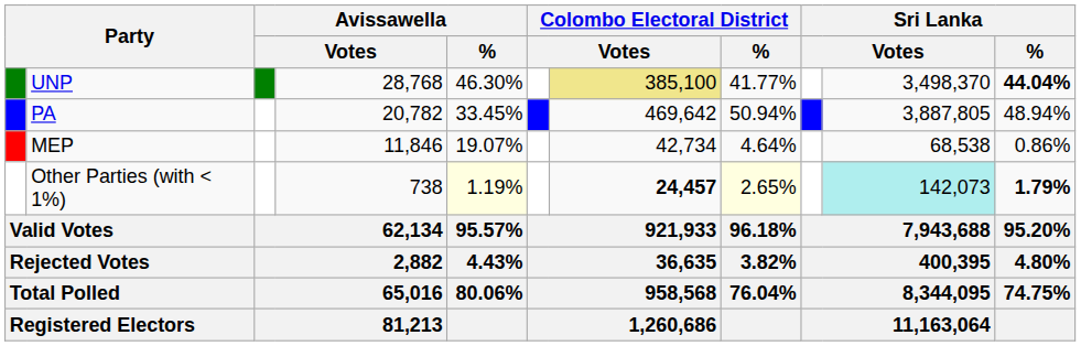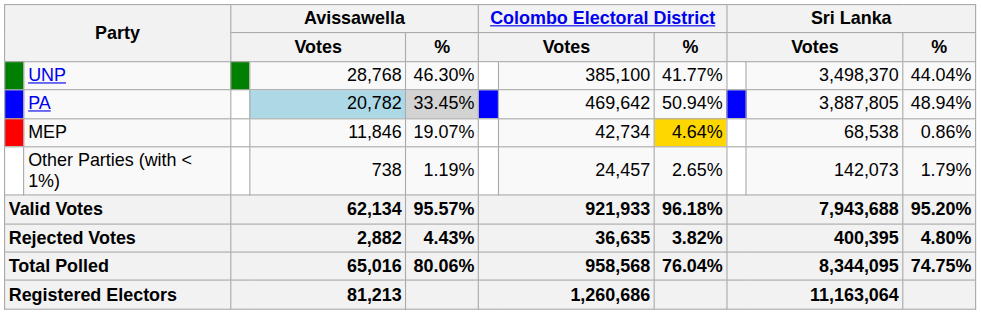 <table class="wikitable">
 <tr>
 <th colspan="2" width="144px"rowspan="2">Party</th>
 <th colspan="3" width="216px">Avissawella</th>
 <th colspan="3" width="216px"><a href='#'>Colombo Electoral District</a></th>
 <th colspan="3" width="216px">Sri Lanka</th>
 </tr>
 <tr>
 <th colspan="2" width="144px">Votes</th>
 <th>%</th>
 <th colspan="2" width="144px">Votes</th>
 <th>%</th>
 <th colspan="2" width="144px">Votes</th>
 <th>%</th>
 </tr>
 <tr>
 <td style="background-color:green;" width="10px"></td>
 <td style="text-align:left;"><a href='#'>UNP</a></td>
 <td style="background-color:green;" width="10px"></td>
 <td style="text-align:right;">28,768</td>
 <td style="text-align:right;">46.30%</td>
 <td style="background-color:white;" width="10px"></td>
-<td style="background: khaki; text-align:right;">385,100</td>
+<td style="text-align:right;">385,100</td>
 <td style="text-align:right;">41.77%</td>
 <td style="background-color:white;" width="10px"></td>
 <td style="text-align:right;">3,498,370</td>
-<td style="text-align:right;"><strong>44.04%</strong></td>
+<td style="text-align:right;">44.04%</td>
 </tr>
 <tr>
 <td style="background-color:blue;" width="10px"></td>
 <td style="text-align:left;"><a href='#'>PA</a></td>
 <td style="background-color:white;" width="10px"></td>
-<td style="text-align:right;">20,782</td>
-<td style="text-align:right;">33.45%</td>
+<td style="background: lightblue; text-align:right;">20,782</td>
+<td style="background: lightgrey; text-align:right;">33.45%</td>
 <td style="background-color:blue;" width="10px"></td>
 <td style="text-align:right;">469,642</td>
 <td style="text-align:right;">50.94%</td>
 <td style="background-color:blue;" width="10px"></td>
 <td style="text-align:right;">3,887,805</td>
 <td style="text-align:right;">48.94%</td>
 </tr>
 <tr>
 <td style="background-color:red;" width="10px"></td>
 <td style="text-align:left;">MEP</td>
 <td style="background-color:white;" width="10px"></td>
 <td style="text-align:right;">11,846</td>
 <td style="text-align:right;">19.07%</td>
 <td style="background-color:white;" width="10px"></td>
 <td style="text-align:right;">42,734</td>
-<td style="text-align:right;">4.64%</td>
+<td style="background: gold; text-align:right;">4.64%</td>
 <td style="background-color:white;" width="10px"></td>
 <td style="text-align:right;">68,538</td>
 <td style="text-align:right;">0.86%</td>
 </tr>
 <tr>
 <td style="background-color:white;" width="10px"></td>
 <td style="text-align:left;">Other Parties (with < 1%)</td>
 <td style="background-color:white;" width="10px"></td>
 <td style="text-align:right;">738</td>
-<td style="background: lightyellow; text-align:right;">1.19%</td>
+<td style="text-align:right;">1.19%</td>
 <td style="background-color:white;" width="10px"></td>
-<td style="text-align:right;"><strong>24,457</strong></td>
-<td style="background: lightyellow; text-align:right;">2.65%</td>
+<td style="text-align:right;">24,457</td>
+<td style="text-align:right;">2.65%</td>
 <td style="background-color:white;" width="10px"></td>
-<td style="background: paleturquoise; text-align:right;">142,073</td>
-<td style="text-align:right;"><strong>1.79%</strong></td>
+<td style="text-align:right;">142,073</td>
+<td style="text-align:right;">1.79%</td>
 </tr>
 <tr>
 <th colspan="2" width="144px"style="text-align:left;">Valid Votes</th>
 <th style="text-align:right;"colspan="2" width="144px">62,134</th>
 <th style="text-align:right;">95.57%</th>
 <th style="text-align:right;"colspan="2" width="144px">921,933</th>
 <th style="text-align:right;">96.18%</th>
 <th style="text-align:right;"colspan="2" width="144px">7,943,688</th>
 <th style="text-align:right;">95.20%</th>
 </tr>
 <tr>
 <th colspan="2" width="144px"style="text-align:left;">Rejected Votes</th>
 <th style="text-align:right;"colspan="2" width="144px">2,882</th>
 <th style="text-align:right;">4.43%</th>
 <th style="text-align:right;"colspan="2" width="144px">36,635</th>
 <th style="text-align:right;">3.82%</th>
 <th style="text-align:right;"colspan="2" width="144px">400,395</th>
 <th style="text-align:right;">4.80%</th>
 </tr>
 <tr>
 <th colspan="2" width="144px"style="text-align:left;">Total Polled</th>
 <th style="text-align:right;"colspan="2" width="144px">65,016</th>
 <th style="text-align:right;">80.06%</th>
 <th style="text-align:right;"colspan="2" width="144px">958,568</th>
 <th style="text-align:right;">76.04%</th>
 <th style="text-align:right;"colspan="2" width="144px">8,344,095</th>
 <th style="text-align:right;">74.75%</th>
 </tr>
 <tr>
 <th colspan="2" width="144px"style="text-align:left;">Registered Electors</th>
 <th style="text-align:right;"colspan="2" width="144px">81,213</th>
 <th></th>
 <th style="text-align:right;"colspan="2" width="144px">1,260,686</th>
 <th></th>
 <th style="text-align:right;"colspan="2" width="144px">11,163,064</th>
 <th></th>
 </tr>
 </table>
